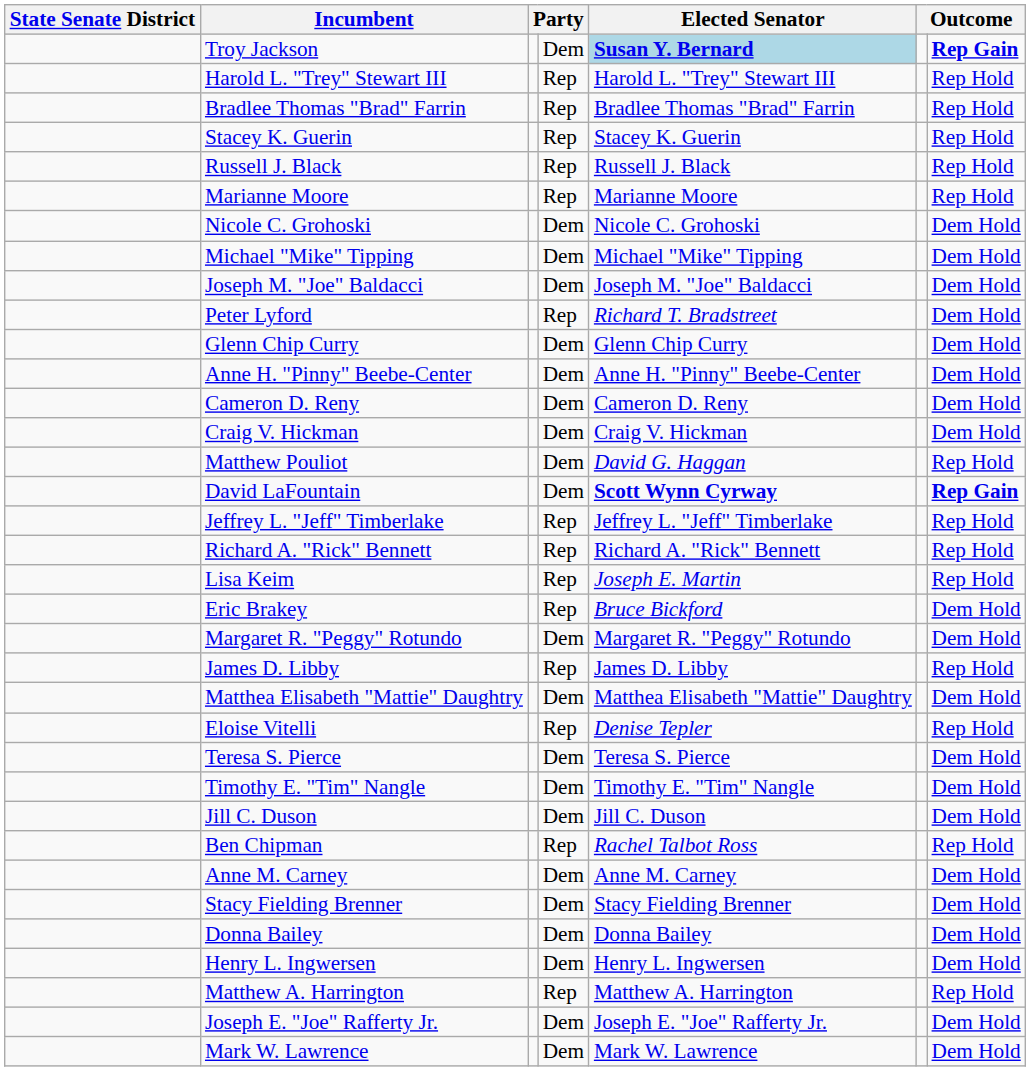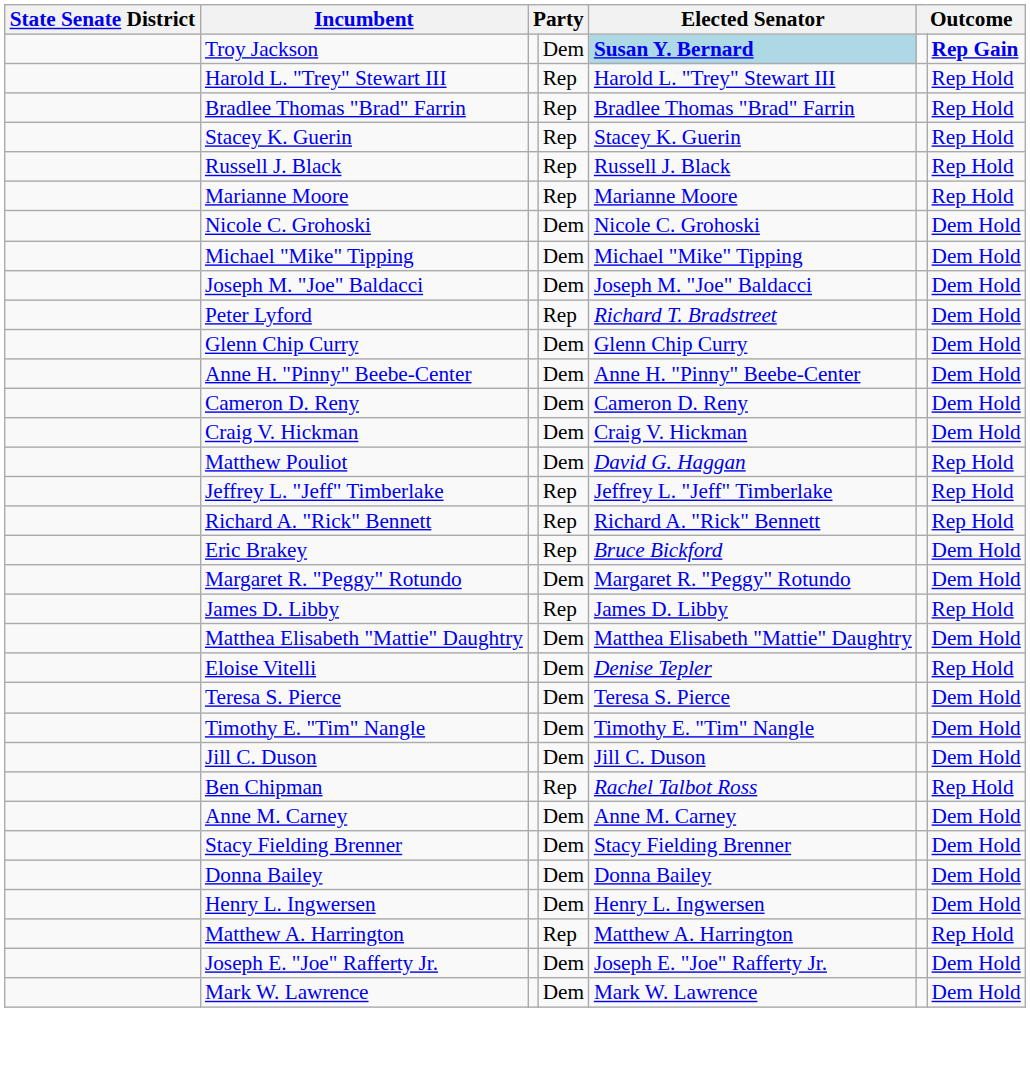 <table class="sortable wikitable" style="font-size:95%;line-height:14px;">
 <tr>
 <th class="unsortable"><a href='#'>State Senate</a> District</th>
 <th class="unsortable"><a href='#'>Incumbent</a></th>
 <th colspan=2>Party</th>
 <th class="unsortable">Elected Senator</th>
 <th colspan=2>Outcome</th>
 </tr>
 <tr>
 <td></td>
 <td><a href='#'>Troy Jackson</a></td>
 <td style="background:"></td>
 <td>Dem</td>
 <td style="background: lightblue;"><strong><a href='#'>Susan Y. Bernard</a></strong></td>
 <td style="background:"></td>
 <td><strong><a href='#'>Rep Gain</a></strong></td>
 </tr>
 <tr>
 <td></td>
 <td><a href='#'>Harold L. "Trey" Stewart III</a></td>
 <td style="background:"></td>
 <td>Rep</td>
 <td><a href='#'>Harold L. "Trey" Stewart III</a></td>
 <td style="background:"></td>
 <td><a href='#'>Rep Hold</a></td>
 </tr>
 <tr>
 <td></td>
 <td><a href='#'>Bradlee Thomas "Brad" Farrin</a></td>
 <td style="background:"></td>
 <td>Rep</td>
 <td><a href='#'>Bradlee Thomas "Brad" Farrin</a></td>
 <td style="background:"></td>
 <td><a href='#'>Rep Hold</a></td>
 </tr>
 <tr>
 <td></td>
 <td><a href='#'>Stacey K. Guerin</a></td>
 <td style="background:"></td>
 <td>Rep</td>
 <td><a href='#'>Stacey K. Guerin</a></td>
 <td style="background:"></td>
 <td><a href='#'>Rep Hold</a></td>
 </tr>
 <tr>
 <td></td>
 <td><a href='#'>Russell J. Black</a></td>
 <td style="background:"></td>
 <td>Rep</td>
 <td><a href='#'>Russell J. Black</a></td>
 <td style="background:"></td>
 <td><a href='#'>Rep Hold</a></td>
 </tr>
 <tr>
 <td></td>
 <td><a href='#'>Marianne Moore</a></td>
 <td style="background:"></td>
 <td>Rep</td>
 <td><a href='#'>Marianne Moore</a></td>
 <td style="background:"></td>
 <td><a href='#'>Rep Hold</a></td>
 </tr>
 <tr>
 <td></td>
 <td><a href='#'>Nicole C. Grohoski</a></td>
 <td style="background:"></td>
 <td>Dem</td>
 <td><a href='#'>Nicole C. Grohoski</a></td>
 <td style="background:"></td>
 <td><a href='#'>Dem Hold</a></td>
 </tr>
 <tr>
 <td></td>
 <td><a href='#'>Michael "Mike" Tipping</a></td>
 <td style="background:"></td>
 <td>Dem</td>
 <td><a href='#'>Michael "Mike" Tipping</a></td>
 <td style="background:"></td>
 <td><a href='#'>Dem Hold</a></td>
 </tr>
 <tr>
 <td></td>
 <td><a href='#'>Joseph M. "Joe" Baldacci</a></td>
 <td style="background:"></td>
 <td>Dem</td>
 <td><a href='#'>Joseph M. "Joe" Baldacci</a></td>
 <td style="background:"></td>
 <td><a href='#'>Dem Hold</a></td>
 </tr>
 <tr>
 <td></td>
 <td><a href='#'>Peter Lyford</a></td>
 <td style="background:"></td>
 <td>Rep</td>
 <td><em><a href='#'>Richard T. Bradstreet</a></em></td>
 <td style="background:"></td>
 <td><a href='#'>Dem Hold</a></td>
 </tr>
 <tr>
 <td></td>
 <td><a href='#'>Glenn Chip Curry</a></td>
 <td style="background:"></td>
 <td>Dem</td>
 <td><a href='#'>Glenn Chip Curry</a></td>
 <td style="background:"></td>
 <td><a href='#'>Dem Hold</a></td>
 </tr>
 <tr>
 <td></td>
 <td><a href='#'>Anne H. "Pinny" Beebe-Center</a></td>
 <td style="background:"></td>
 <td>Dem</td>
 <td><a href='#'>Anne H. "Pinny" Beebe-Center</a></td>
 <td style="background:"></td>
 <td><a href='#'>Dem Hold</a></td>
 </tr>
 <tr>
 <td></td>
 <td><a href='#'>Cameron D. Reny</a></td>
 <td style="background:"></td>
 <td>Dem</td>
 <td><a href='#'>Cameron D. Reny</a></td>
 <td style="background:"></td>
 <td><a href='#'>Dem Hold</a></td>
 </tr>
 <tr>
 <td></td>
 <td><a href='#'>Craig V. Hickman</a></td>
 <td style="background:"></td>
 <td>Dem</td>
 <td><a href='#'>Craig V. Hickman</a></td>
 <td style="background:"></td>
 <td><a href='#'>Dem Hold</a></td>
 </tr>
 <tr>
 <td></td>
 <td><a href='#'>Matthew Pouliot</a></td>
 <td style="background:"></td>
 <td>Dem</td>
 <td><em><a href='#'>David G. Haggan</a></em></td>
 <td style="background:"></td>
 <td><a href='#'>Rep Hold</a></td>
 </tr>
 <tr>
 <td></td>
-<td><a href='#'>David LaFountain</a></td>
-<td style="background:"></td>
-<td>Dem</td>
-<td><strong><a href='#'>Scott Wynn Cyrway</a></strong></td>
-<td style="background:"></td>
-<td><strong><a href='#'>Rep Gain</a></strong></td>
-</tr>
-<tr>
-<td></td>
 <td><a href='#'>Jeffrey L. "Jeff" Timberlake</a></td>
 <td style="background:"></td>
 <td>Rep</td>
 <td><a href='#'>Jeffrey L. "Jeff" Timberlake</a></td>
 <td style="background:"></td>
 <td><a href='#'>Rep Hold</a></td>
 </tr>
 <tr>
 <td></td>
 <td><a href='#'>Richard A. "Rick" Bennett</a></td>
 <td style="background:"></td>
 <td>Rep</td>
 <td><a href='#'>Richard A. "Rick" Bennett</a></td>
-<td style="background:"></td>
-<td><a href='#'>Rep Hold</a></td>
-</tr>
-<tr>
-<td></td>
-<td><a href='#'>Lisa Keim</a></td>
-<td style="background:"></td>
-<td>Rep</td>
-<td><em><a href='#'>Joseph E. Martin</a></em></td>
 <td style="background:"></td>
 <td><a href='#'>Rep Hold</a></td>
 </tr>
 <tr>
 <td></td>
 <td><a href='#'>Eric Brakey</a></td>
 <td style="background:"></td>
 <td>Rep</td>
 <td><em><a href='#'>Bruce Bickford</a></em></td>
 <td style="background:"></td>
 <td><a href='#'>Dem Hold</a></td>
 </tr>
 <tr>
 <td></td>
 <td><a href='#'>Margaret R. "Peggy" Rotundo</a></td>
 <td style="background:"></td>
 <td>Dem</td>
 <td><a href='#'>Margaret R. "Peggy" Rotundo</a></td>
 <td style="background:"></td>
 <td><a href='#'>Dem Hold</a></td>
 </tr>
 <tr>
 <td></td>
 <td><a href='#'>James D. Libby</a></td>
 <td style="background:"></td>
 <td>Rep</td>
 <td><a href='#'>James D. Libby</a></td>
 <td style="background:"></td>
 <td><a href='#'>Rep Hold</a></td>
 </tr>
 <tr>
 <td></td>
 <td><a href='#'>Matthea Elisabeth "Mattie" Daughtry</a></td>
 <td style="background:"></td>
 <td>Dem</td>
 <td><a href='#'>Matthea Elisabeth "Mattie" Daughtry</a></td>
 <td style="background:"></td>
 <td><a href='#'>Dem Hold</a></td>
 </tr>
 <tr>
 <td></td>
 <td><a href='#'>Eloise Vitelli</a></td>
 <td style="background:"></td>
-<td>Rep</td>
+<td>Dem</td>
 <td><em><a href='#'>Denise Tepler</a></em></td>
 <td style="background:"></td>
 <td><a href='#'>Rep Hold</a></td>
 </tr>
 <tr>
 <td></td>
 <td><a href='#'>Teresa S. Pierce</a></td>
 <td style="background:"></td>
 <td>Dem</td>
 <td><a href='#'>Teresa S. Pierce</a></td>
 <td style="background:"></td>
 <td><a href='#'>Dem Hold</a></td>
 </tr>
 <tr>
 <td></td>
 <td><a href='#'>Timothy E. "Tim" Nangle</a></td>
 <td style="background:"></td>
 <td>Dem</td>
 <td><a href='#'>Timothy E. "Tim" Nangle</a></td>
 <td style="background:"></td>
 <td><a href='#'>Dem Hold</a></td>
 </tr>
 <tr>
 <td></td>
 <td><a href='#'>Jill C. Duson</a></td>
 <td style="background:"></td>
 <td>Dem</td>
 <td><a href='#'>Jill C. Duson</a></td>
 <td style="background:"></td>
 <td><a href='#'>Dem Hold</a></td>
 </tr>
 <tr>
 <td></td>
 <td><a href='#'>Ben Chipman</a></td>
 <td style="background:"></td>
 <td>Rep</td>
 <td><em><a href='#'>Rachel Talbot Ross</a></em></td>
 <td style="background:"></td>
 <td><a href='#'>Rep Hold</a></td>
 </tr>
 <tr>
 <td></td>
 <td><a href='#'>Anne M. Carney</a></td>
 <td style="background:"></td>
 <td>Dem</td>
 <td><a href='#'>Anne M. Carney</a></td>
 <td style="background:"></td>
 <td><a href='#'>Dem Hold</a></td>
 </tr>
 <tr>
 <td></td>
 <td><a href='#'>Stacy Fielding Brenner</a></td>
 <td style="background:"></td>
 <td>Dem</td>
 <td><a href='#'>Stacy Fielding Brenner</a></td>
 <td style="background:"></td>
 <td><a href='#'>Dem Hold</a></td>
 </tr>
 <tr>
 <td></td>
 <td><a href='#'>Donna Bailey</a></td>
 <td style="background:"></td>
 <td>Dem</td>
 <td><a href='#'>Donna Bailey</a></td>
 <td style="background:"></td>
 <td><a href='#'>Dem Hold</a></td>
 </tr>
 <tr>
 <td></td>
 <td><a href='#'>Henry L. Ingwersen</a></td>
 <td style="background:"></td>
 <td>Dem</td>
 <td><a href='#'>Henry L. Ingwersen</a></td>
 <td style="background:"></td>
 <td><a href='#'>Dem Hold</a></td>
 </tr>
 <tr>
 <td></td>
 <td><a href='#'>Matthew A. Harrington</a></td>
 <td style="background:"></td>
 <td>Rep</td>
 <td><a href='#'>Matthew A. Harrington</a></td>
 <td style="background:"></td>
 <td><a href='#'>Rep Hold</a></td>
 </tr>
 <tr>
 <td></td>
 <td><a href='#'>Joseph E. "Joe" Rafferty Jr.</a></td>
 <td style="background:"></td>
 <td>Dem</td>
 <td><a href='#'>Joseph E. "Joe" Rafferty Jr.</a></td>
 <td style="background:"></td>
 <td><a href='#'>Dem Hold</a></td>
 </tr>
 <tr>
 <td></td>
 <td><a href='#'>Mark W. Lawrence</a></td>
 <td style="background:"></td>
 <td>Dem</td>
 <td><a href='#'>Mark W. Lawrence</a></td>
 <td style="background:"></td>
 <td><a href='#'>Dem Hold</a></td>
 </tr>
 </table>
